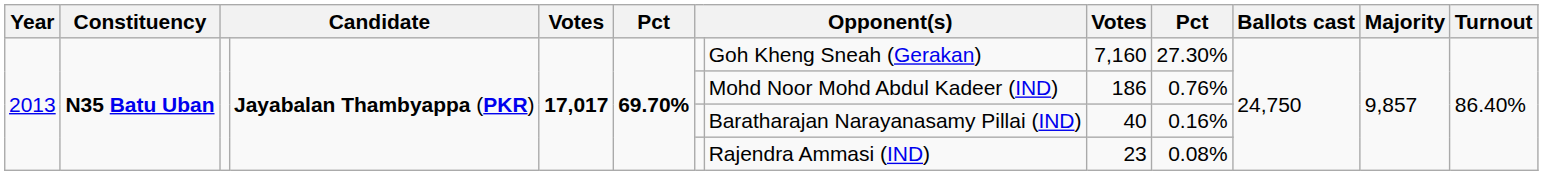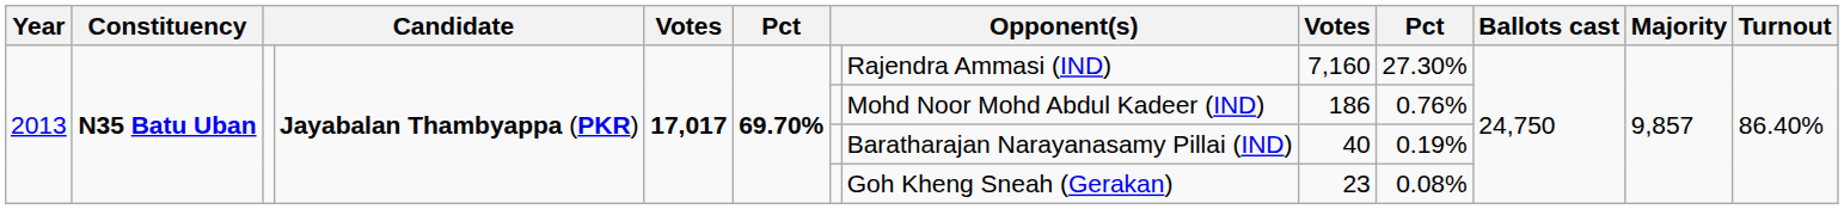 <table class="wikitable" style="margin:0.5em ; font-size:95%">
 <tr>
 <th>Year</th>
 <th>Constituency</th>
 <th colspan=2>Candidate</th>
 <th>Votes</th>
 <th>Pct</th>
 <th colspan=2>Opponent(s)</th>
 <th>Votes</th>
 <th>Pct</th>
 <th>Ballots cast</th>
 <th>Majority</th>
 <th>Turnout</th>
 </tr>
 <tr>
 <td rowspan=4><a href='#'>2013</a></td>
 <td rowspan=4><strong>N35 <a href='#'>Batu Uban</a></strong></td>
 <td rowspan=4 ></td>
 <td rowspan=4><strong>Jayabalan Thambyappa</strong> (<a href='#'><strong>PKR</strong></a>)</td>
 <td rowspan=4 style="text-align:right;"><strong>17,017</strong></td>
 <td rowspan=4><strong>69.70%</strong></td>
 <td></td>
-<td>Goh Kheng Sneah (<a href='#'>Gerakan</a>)</td>
+<td>Rajendra Ammasi (<a href='#'>IND</a>)</td>
 <td style="text-align:right;">7,160</td>
 <td>27.30%</td>
 <td rowspan=4>24,750</td>
 <td rowspan=4>9,857</td>
 <td rowspan=4>86.40%</td>
 </tr>
 <tr>
 <td></td>
 <td>Mohd Noor Mohd Abdul Kadeer (<a href='#'>IND</a>)</td>
 <td style="text-align:right;">186</td>
 <td style="text-align:right;">0.76%</td>
 </tr>
 <tr>
 <td></td>
 <td>Baratharajan Narayanasamy Pillai (<a href='#'>IND</a>)</td>
 <td style="text-align:right;">40</td>
-<td style="text-align:right;">0.16%</td>
+<td style="text-align:right;">0.19%</td>
 </tr>
 <tr>
 <td></td>
-<td>Rajendra Ammasi (<a href='#'>IND</a>)</td>
+<td>Goh Kheng Sneah (<a href='#'>Gerakan</a>)</td>
 <td style="text-align:right;">23</td>
 <td style="text-align:right;">0.08%</td>
 </tr>
 </table>
